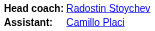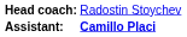 <table>
 <tr>
 <td><strong>Head coach:</strong></td>
 <td><a href='#'>Radostin Stoychev</a></td>
 </tr>
 <tr>
 <td><strong>Assistant:</strong></td>
-<td><a href='#'>Camillo Placi</a></td>
+<td><strong><a href='#'>Camillo Placi</a></strong></td>
 </tr>
 </table>
